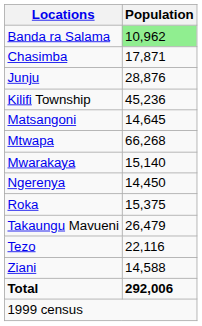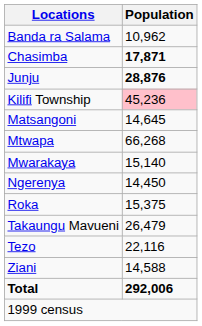 <table class="wikitable">
 <tr>
 <th><a href='#'>Locations</a></th>
 <th>Population</th>
 </tr>
 <tr>
 <td><a href='#'>Banda ra Salama</a></td>
-<td style="background: lightgreen;">10,962</td>
+<td>10,962</td>
 </tr>
 <tr>
 <td><a href='#'>Chasimba</a></td>
-<td>17,871</td>
+<td><strong>17,871</strong></td>
 </tr>
 <tr>
 <td><a href='#'>Junju</a></td>
-<td>28,876</td>
+<td><strong>28,876</strong></td>
 </tr>
 <tr>
 <td><a href='#'>Kilifi</a> Township</td>
-<td>45,236</td>
+<td style="background: pink;">45,236</td>
 </tr>
 <tr>
 <td><a href='#'>Matsangoni</a></td>
 <td>14,645</td>
 </tr>
 <tr>
 <td><a href='#'>Mtwapa</a></td>
 <td>66,268</td>
 </tr>
 <tr>
 <td><a href='#'>Mwarakaya</a></td>
 <td>15,140</td>
 </tr>
 <tr>
 <td><a href='#'>Ngerenya</a></td>
 <td>14,450</td>
 </tr>
 <tr>
 <td><a href='#'>Roka</a></td>
 <td>15,375</td>
 </tr>
 <tr>
 <td><a href='#'>Takaungu</a> Mavueni</td>
 <td>26,479</td>
 </tr>
 <tr>
 <td><a href='#'>Tezo</a></td>
 <td>22,116</td>
 </tr>
 <tr>
 <td><a href='#'>Ziani</a></td>
 <td>14,588</td>
 </tr>
 <tr>
 <td><strong>Total</strong></td>
 <td><strong>292,006</strong></td>
 </tr>
 <tr>
 <td colspan="2">1999 census</td>
 </tr>
 </table>
